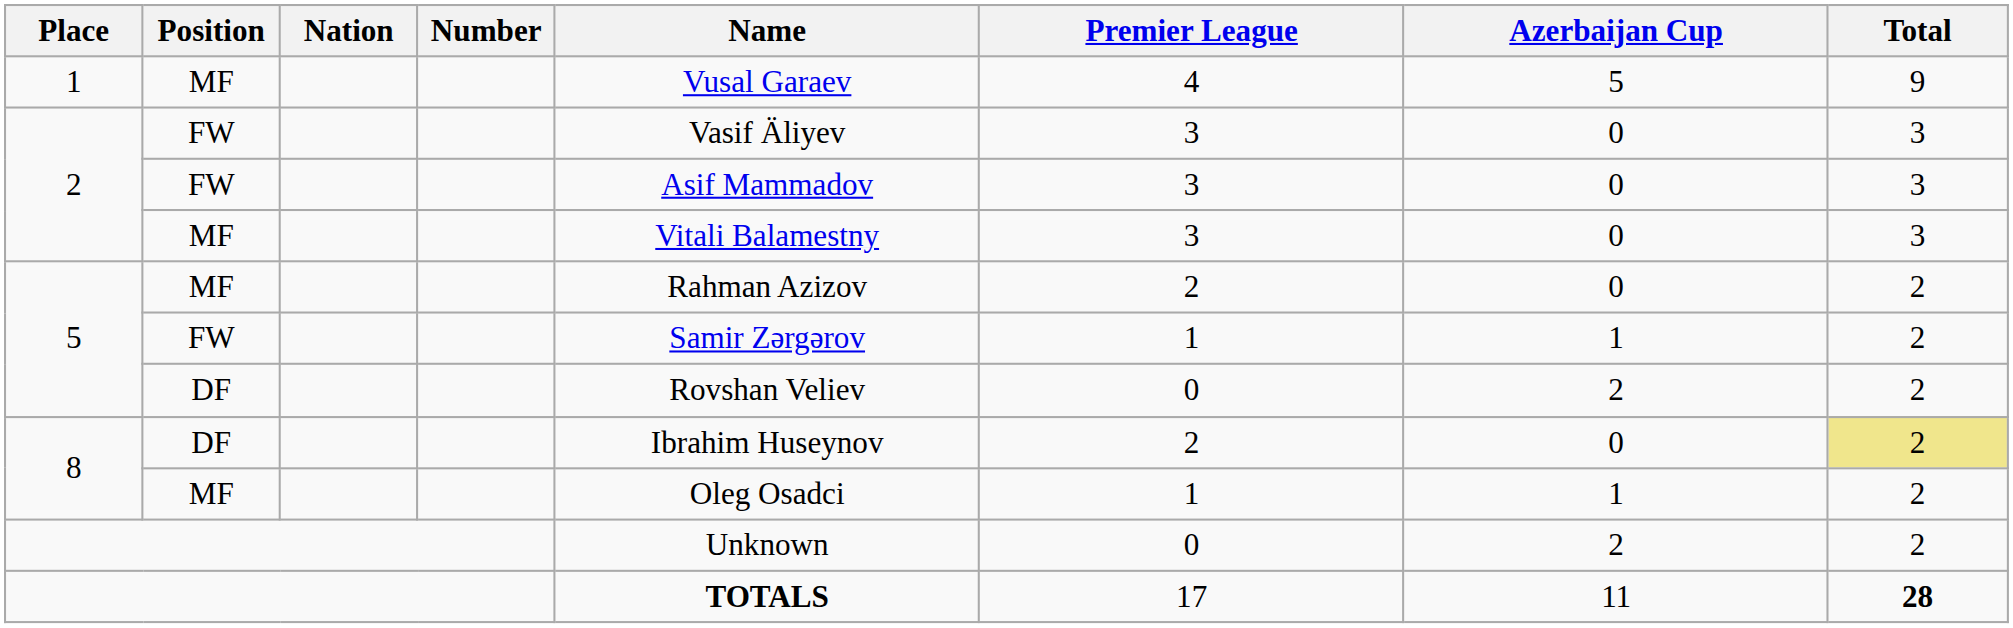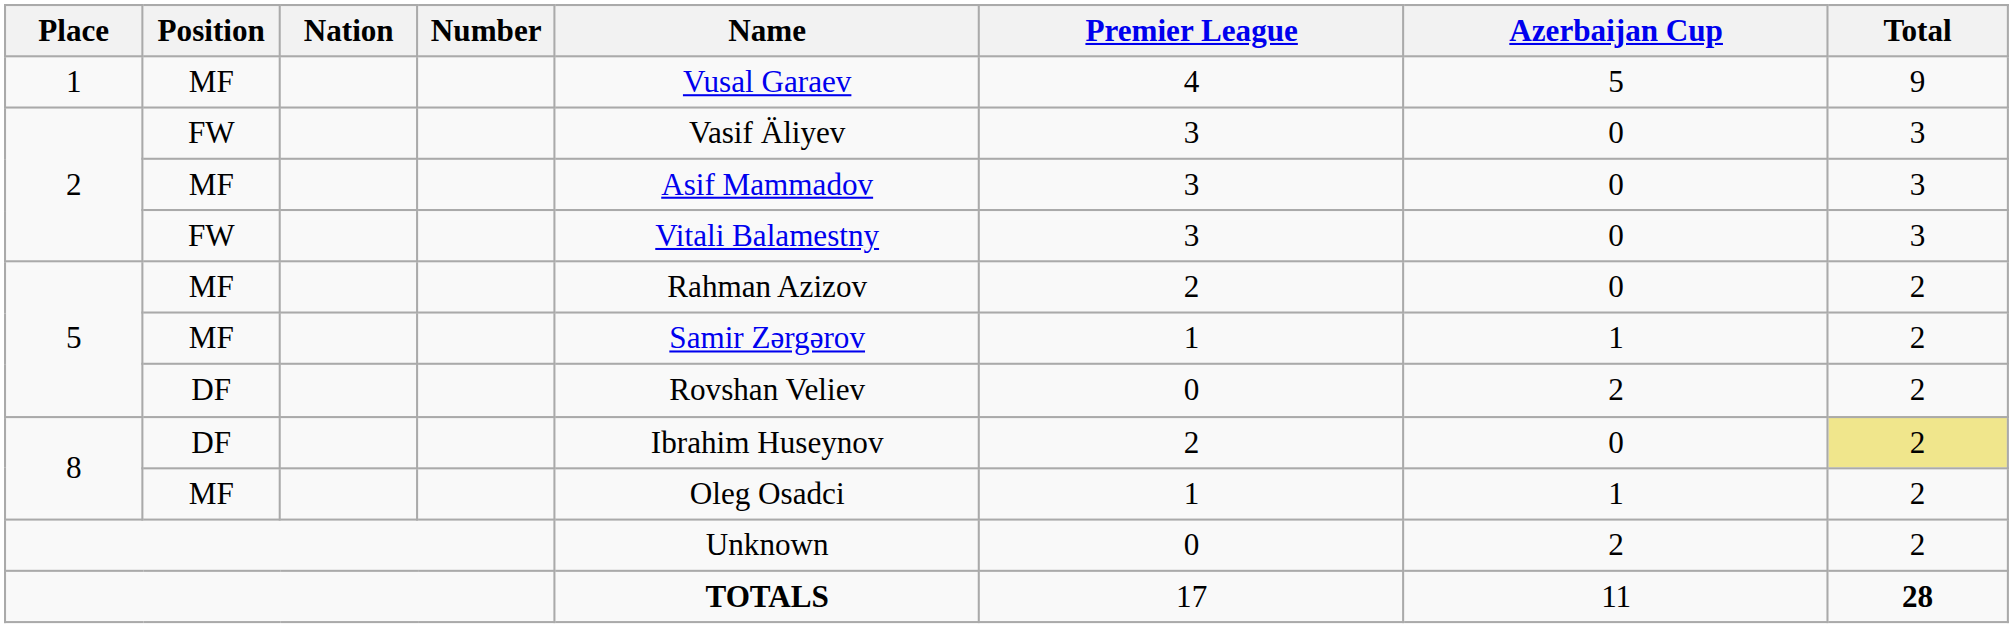 <table class="wikitable" style="font-size: 95%; text-align: center;">
 <tr>
 <th width=60>Place</th>
 <th width=60>Position</th>
 <th width=60>Nation</th>
 <th width=60>Number</th>
 <th width=200>Name</th>
 <th width=200><a href='#'>Premier League</a></th>
 <th width=200><a href='#'>Azerbaijan Cup</a></th>
 <th width=80>Total</th>
 </tr>
 <tr>
 <td>1</td>
 <td>MF</td>
 <td></td>
 <td></td>
 <td><a href='#'>Vusal Garaev</a></td>
 <td>4</td>
 <td>5</td>
 <td>9</td>
 </tr>
 <tr>
 <td rowspan="3">2</td>
 <td>FW</td>
 <td></td>
 <td></td>
 <td>Vasif Äliyev</td>
 <td>3</td>
 <td>0</td>
 <td>3</td>
 </tr>
 <tr>
-<td>FW</td>
+<td>MF</td>
 <td></td>
 <td></td>
 <td><a href='#'>Asif Mammadov</a></td>
 <td>3</td>
 <td>0</td>
 <td>3</td>
 </tr>
 <tr>
-<td>MF</td>
+<td>FW</td>
 <td></td>
 <td></td>
 <td><a href='#'>Vitali Balamestny</a></td>
 <td>3</td>
 <td>0</td>
 <td>3</td>
 </tr>
 <tr>
 <td rowspan="3">5</td>
 <td>MF</td>
 <td></td>
 <td></td>
 <td>Rahman Azizov</td>
 <td>2</td>
 <td>0</td>
 <td>2</td>
 </tr>
 <tr>
-<td>FW</td>
+<td>MF</td>
 <td></td>
 <td></td>
 <td><a href='#'>Samir Zərgərov</a></td>
 <td>1</td>
 <td>1</td>
 <td>2</td>
 </tr>
 <tr>
 <td>DF</td>
 <td></td>
 <td></td>
 <td>Rovshan Veliev</td>
 <td>0</td>
 <td>2</td>
 <td>2</td>
 </tr>
 <tr>
 <td rowspan="2">8</td>
 <td>DF</td>
 <td></td>
 <td></td>
 <td>Ibrahim Huseynov</td>
 <td>2</td>
 <td>0</td>
 <td style="background: khaki;">2</td>
 </tr>
 <tr>
 <td>MF</td>
 <td></td>
 <td></td>
 <td>Oleg Osadci</td>
 <td>1</td>
 <td>1</td>
 <td>2</td>
 </tr>
 <tr>
 <td colspan="4"></td>
 <td>Unknown</td>
 <td>0</td>
 <td>2</td>
 <td>2</td>
 </tr>
 <tr>
 <td colspan="4"></td>
 <td><strong>TOTALS</strong></td>
 <td>17</td>
 <td>11</td>
 <td><strong>28</strong></td>
 </tr>
 </table>
